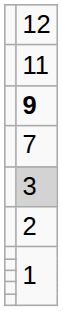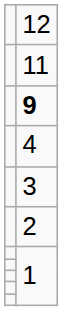 <table class="wikitable">
 <tr>
 <td></td>
 <td>12</td>
 </tr>
 <tr>
 <td></td>
 <td>11</td>
 </tr>
 <tr>
 <td></td>
 <td><strong>9</strong></td>
 </tr>
 <tr>
 <td></td>
-<td>7</td>
+<td>4</td>
 </tr>
 <tr>
 <td></td>
-<td style="background: lightgrey;">3</td>
+<td>3</td>
 </tr>
 <tr>
 <td></td>
 <td>2</td>
 </tr>
 <tr>
 <td></td>
 <td rowspan="5">1</td>
 </tr>
 <tr>
 <td></td>
 </tr>
 <tr>
 <td></td>
 </tr>
 <tr>
 <td></td>
 </tr>
 <tr>
 <td></td>
 </tr>
 </table>
